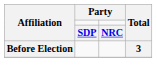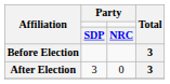 <table class="wikitable" style="text-align:center">
 <tr>
 <th rowspan="3">Affiliation</th>
 <th colspan="2">Party</th>
 <th rowspan="3">Total</th>
 </tr>
 <tr>
 <td style="background-color:"></td>
 <td style="background-color:"></td>
 </tr>
 <tr>
 <th><a href='#'>SDP</a></th>
 <th><a href='#'>NRC</a></th>
 </tr>
 <tr>
 <th>Before Election</th>
 <td></td>
 <td></td>
 <th>3</th>
 </tr>
 <tr>
+<th>After Election</th>
+<td>3</td>
+<td>0</td>
+<th>3</th>
+</tr>
+<tr>
 </tr>
 </table>
